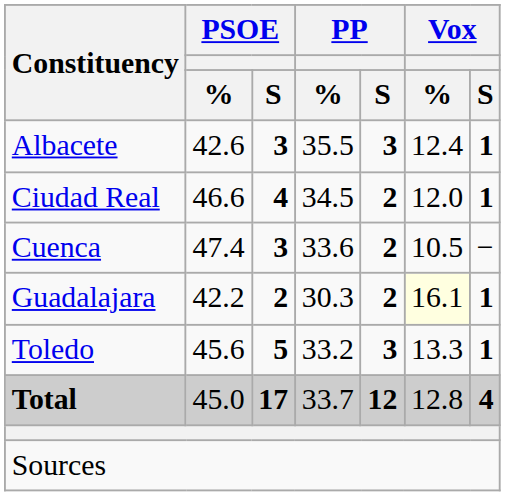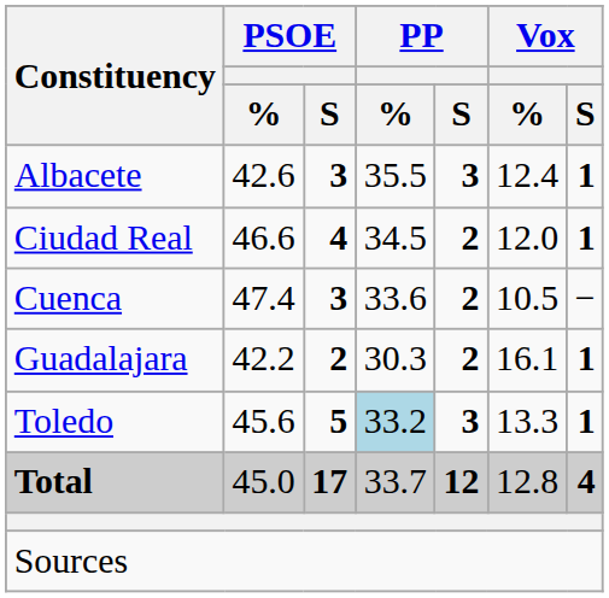 <table class="wikitable sortable" style="text-align:right; line-height:20px;">
 <tr>
 <th rowspan="3">Constituency</th>
 <th colspan="2" width="30px" class="unsortable"><a href='#'>PSOE</a></th>
 <th colspan="2" width="30px" class="unsortable"><a href='#'>PP</a></th>
 <th colspan="2" width="30px" class="unsortable"><a href='#'>Vox</a></th>
 </tr>
 <tr>
 <th colspan="2" style="background:"></th>
 <th colspan="2" style="background:"></th>
 <th colspan="2" style="background:"></th>
 </tr>
 <tr>
 <th data-sort-type="number">%</th>
 <th data-sort-type="number">S</th>
 <th data-sort-type="number">%</th>
 <th data-sort-type="number">S</th>
 <th data-sort-type="number">%</th>
 <th data-sort-type="number">S</th>
 </tr>
 <tr>
 <td align="left"><a href='#'>Albacete</a></td>
 <td style="background:">42.6</td>
 <td><strong>3</strong></td>
 <td>35.5</td>
 <td><strong>3</strong></td>
 <td>12.4</td>
 <td><strong>1</strong></td>
 </tr>
 <tr>
 <td align="left"><a href='#'>Ciudad Real</a></td>
 <td style="background:">46.6</td>
 <td><strong>4</strong></td>
 <td>34.5</td>
 <td><strong>2</strong></td>
 <td>12.0</td>
 <td><strong>1</strong></td>
 </tr>
 <tr>
 <td align="left"><a href='#'>Cuenca</a></td>
 <td style="background:">47.4</td>
 <td><strong>3</strong></td>
 <td>33.6</td>
 <td><strong>2</strong></td>
 <td>10.5</td>
 <td>−</td>
 </tr>
 <tr>
 <td align="left"><a href='#'>Guadalajara</a></td>
 <td style="background:">42.2</td>
 <td><strong>2</strong></td>
 <td>30.3</td>
 <td><strong>2</strong></td>
-<td style="background: lightyellow;">16.1</td>
+<td>16.1</td>
 <td><strong>1</strong></td>
 </tr>
 <tr>
 <td align="left"><a href='#'>Toledo</a></td>
 <td style="background:">45.6</td>
 <td><strong>5</strong></td>
-<td>33.2</td>
+<td style="background: lightblue;">33.2</td>
 <td><strong>3</strong></td>
 <td>13.3</td>
 <td><strong>1</strong></td>
 </tr>
 <tr style="background:#CDCDCD;">
 <td align="left"><strong>Total</strong></td>
 <td style="background:">45.0</td>
 <td><strong>17</strong></td>
 <td>33.7</td>
 <td><strong>12</strong></td>
 <td>12.8</td>
 <td><strong>4</strong></td>
 </tr>
 <tr>
 <th colspan="7"></th>
 </tr>
 <tr>
 <th style="text-align:left; font-weight:normal; background:#F9F9F9" colspan="7">Sources</th>
 </tr>
 </table>
